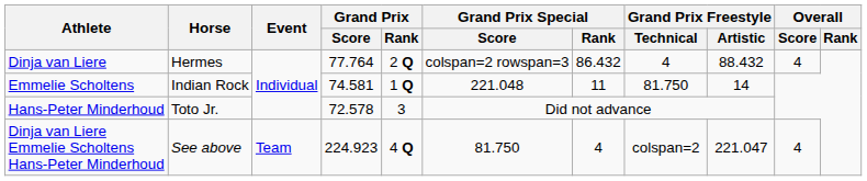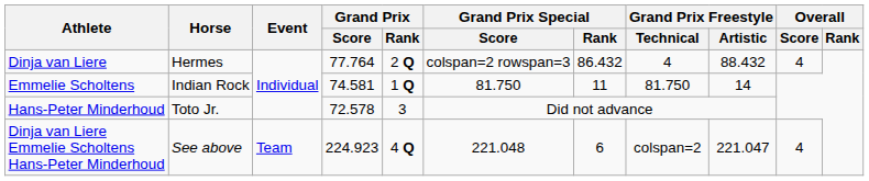 <table class=wikitable style="font-size:90%; text-align:center;">
 <tr>
 <th rowspan=2>Athlete</th>
 <th rowspan=2>Horse</th>
 <th rowspan=2>Event</th>
 <th colspan=2>Grand Prix</th>
 <th colspan=2>Grand Prix Special</th>
 <th colspan=2>Grand Prix Freestyle</th>
 <th colspan=2>Overall</th>
 </tr>
 <tr style=font-size:95%>
 <th>Score</th>
 <th>Rank</th>
 <th>Score</th>
 <th>Rank</th>
 <th>Technical</th>
 <th>Artistic</th>
 <th>Score</th>
 <th>Rank</th>
 </tr>
 <tr>
 <td align=left><a href='#'>Dinja van Liere</a></td>
 <td align=left>Hermes</td>
 <td rowspan=3 align=left><a href='#'>Individual</a></td>
 <td>77.764</td>
 <td>2 <strong>Q</strong></td>
 <td>colspan=2 rowspan=3 </td>
 <td>86.432</td>
 <td>4</td>
 <td>88.432</td>
 <td>4</td>
 </tr>
 <tr>
 <td align=left><a href='#'>Emmelie Scholtens</a></td>
 <td align=left>Indian Rock</td>
 <td>74.581</td>
 <td>1 <strong>Q</strong></td>
-<td>221.048</td>
+<td>81.750</td>
 <td>11</td>
 <td>81.750</td>
 <td>14</td>
 </tr>
 <tr>
 <td align=left><a href='#'>Hans-Peter Minderhoud</a></td>
 <td align=left>Toto Jr.</td>
 <td>72.578</td>
 <td>3</td>
 <td colspan=4>Did not advance</td>
 </tr>
 <tr>
 <td align=left><a href='#'>Dinja van Liere</a><br><a href='#'>Emmelie Scholtens</a><br><a href='#'>Hans-Peter Minderhoud</a></td>
 <td align=left><em>See above</em></td>
 <td align=left><a href='#'>Team</a></td>
 <td>224.923</td>
 <td>4 <strong>Q</strong></td>
-<td>81.750</td>
-<td>4</td>
+<td>221.048</td>
+<td>6</td>
 <td>colspan=2 </td>
 <td>221.047</td>
 <td>4</td>
 </tr>
 </table>
